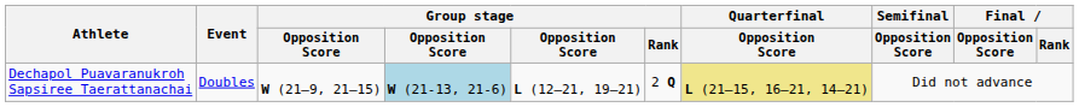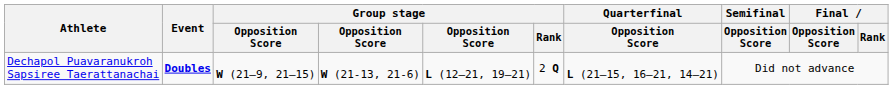 <table class="wikitable" style="font-size:90%">
 <tr>
 <th rowspan=2>Athlete</th>
 <th rowspan=2>Event</th>
 <th colspan=4>Group stage</th>
 <th>Quarterfinal</th>
 <th>Semifinal</th>
 <th colspan=2>Final / </th>
 </tr>
 <tr style="font-size:95%">
 <th>Opposition<br>Score</th>
 <th>Opposition<br>Score</th>
 <th>Opposition<br>Score</th>
 <th>Rank</th>
 <th>Opposition<br>Score</th>
 <th>Opposition<br>Score</th>
 <th>Opposition<br>Score</th>
 <th>Rank</th>
 </tr>
 <tr align=center>
 <td align=left><a href='#'>Dechapol Puavaranukroh</a><br><a href='#'>Sapsiree Taerattanachai</a></td>
-<td align="left"><a href='#'>Doubles</a></td>
+<td align="left"><strong><a href='#'>Doubles</a></strong></td>
 <td><br><strong>W</strong> (21–9, 21–15)</td>
-<td style="background: lightblue;"><br><strong>W</strong> (21-13, 21-6)</td>
+<td><br><strong>W</strong> (21-13, 21-6)</td>
 <td><br><strong>L</strong> (12–21, 19–21)</td>
 <td>2 <strong>Q</strong></td>
-<td style="background: khaki;"><br><strong>L</strong> (21–15, 16–21, 14–21)</td>
+<td><br><strong>L</strong> (21–15, 16–21, 14–21)</td>
 <td colspan=3>Did not advance</td>
 </tr>
 </table>
